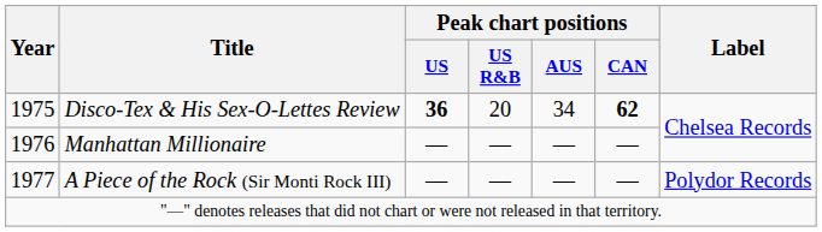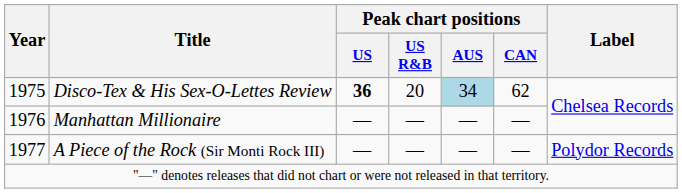 <table class="wikitable" style="text-align:center;">
 <tr>
 <th scope="col" rowspan="2">Year</th>
 <th scope="col" rowspan="2">Title</th>
 <th scope="col" colspan="4">Peak chart positions</th>
 <th scope="col" rowspan="2">Label</th>
 </tr>
 <tr style="font-size:smaller;">
 <th style="width:40px;"><a href='#'>US</a><br></th>
 <th style="width:40px;"><a href='#'>US R&B</a><br></th>
 <th style="width:40px;"><a href='#'>AUS</a><br></th>
 <th style="width:40px;"><a href='#'>CAN</a><br></th>
 </tr>
 <tr>
 <td>1975</td>
 <td align="left"><em>Disco-Tex & His Sex-O-Lettes Review</em></td>
 <td><strong>36</strong></td>
 <td>20</td>
-<td>34</td>
-<td><strong>62</strong></td>
+<td style="background: lightblue;">34</td>
+<td>62</td>
 <td rowspan="2"><a href='#'>Chelsea Records</a></td>
 </tr>
 <tr>
 <td>1976</td>
 <td align="left"><em>Manhattan Millionaire</em></td>
 <td>—</td>
 <td>—</td>
 <td>—</td>
 <td>—</td>
 </tr>
 <tr>
 <td>1977</td>
 <td align="left"><em>A Piece of the Rock</em> <small>(Sir Monti Rock III)</small></td>
 <td>—</td>
 <td>—</td>
 <td>—</td>
 <td>—</td>
 <td><a href='#'>Polydor Records</a></td>
 </tr>
 <tr>
 <td colspan="7" style="text-align:center; font-size:9pt;">"—" denotes releases that did not chart or were not released in that territory.</td>
 </tr>
 </table>
